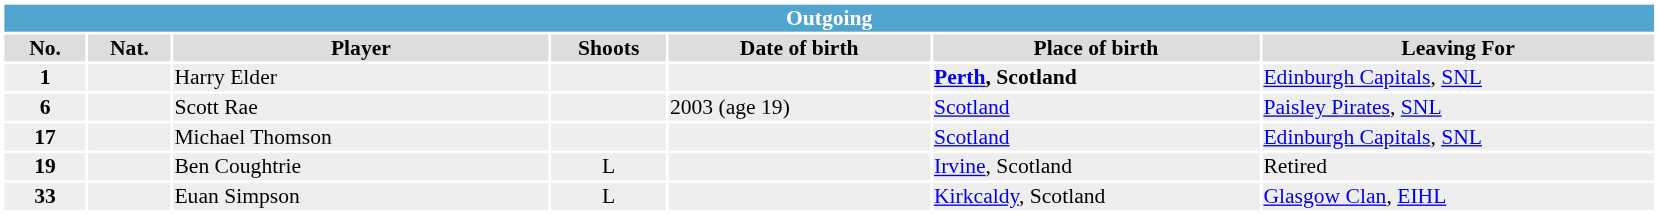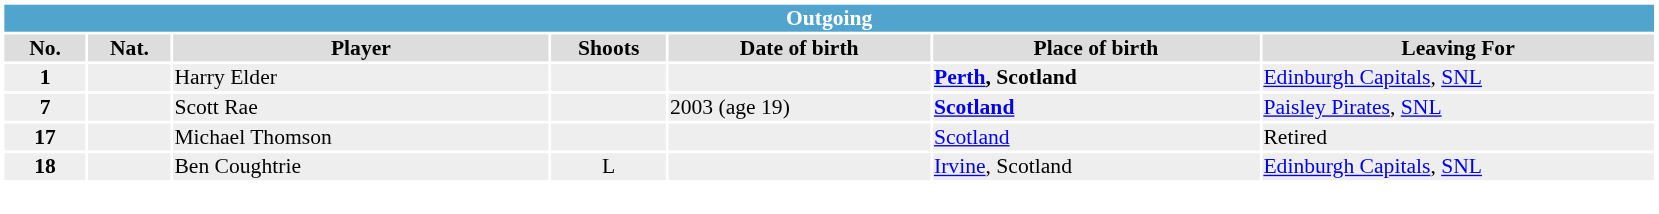 <table class="toccolours" style="width:97%; clear:both; margin:1.5em auto; text-align:center;">
 <tr>
 <th colspan="7" style="background:#51a4cd; color:white;”">Outgoing</th>
 </tr>
 <tr style="background:#ddd;">
 <th width="5%">No.</th>
 <th width="5%">Nat.</th>
 <th>Player</th>
 <th width="7%">Shoots</th>
 <th width="16%">Date of birth</th>
 <th width="20%">Place of birth</th>
 <th width="24%">Leaving For</th>
 </tr>
 <tr style="background:#eee;">
 <td><strong>1</strong></td>
 <td></td>
 <td align=left>Harry Elder</td>
 <td></td>
 <td align=left></td>
 <td align=left><strong><a href='#'>Perth</a>, Scotland</strong></td>
 <td align=left><a href='#'>Edinburgh Capitals</a>, <a href='#'>SNL</a></td>
 </tr>
 <tr style="background:#eee;">
-<td><strong>6</strong></td>
+<td><strong>7</strong></td>
 <td></td>
 <td align=left>Scott Rae</td>
 <td></td>
 <td align=left>2003 (age 19)</td>
-<td align=left><a href='#'>Scotland</a></td>
+<td align=left><strong><a href='#'>Scotland</a></strong></td>
 <td align=left><a href='#'>Paisley Pirates</a>, <a href='#'>SNL</a></td>
 </tr>
 <tr style="background:#eee;">
 <td><strong>17</strong></td>
 <td></td>
 <td align=left>Michael Thomson</td>
 <td></td>
 <td align=left></td>
 <td align=left><a href='#'>Scotland</a></td>
-<td align=left><a href='#'>Edinburgh Capitals</a>, <a href='#'>SNL</a></td>
+<td align=left>Retired</td>
 </tr>
 <tr style="background:#eee;">
-<td><strong>19</strong></td>
+<td><strong>18</strong></td>
 <td></td>
 <td align=left>Ben Coughtrie</td>
 <td>L</td>
 <td align=left></td>
 <td align=left><a href='#'>Irvine</a>, Scotland</td>
-<td align=left>Retired</td>
-</tr>
-<tr style="background:#eee;">
-<td><strong>33</strong></td>
-<td></td>
-<td align=left>Euan Simpson</td>
-<td>L</td>
-<td align=left></td>
-<td align=left><a href='#'>Kirkcaldy</a>, Scotland</td>
-<td align=left><a href='#'>Glasgow Clan</a>, <a href='#'>EIHL</a></td>
+<td align=left><a href='#'>Edinburgh Capitals</a>, <a href='#'>SNL</a></td>
 </tr>
 </table>
